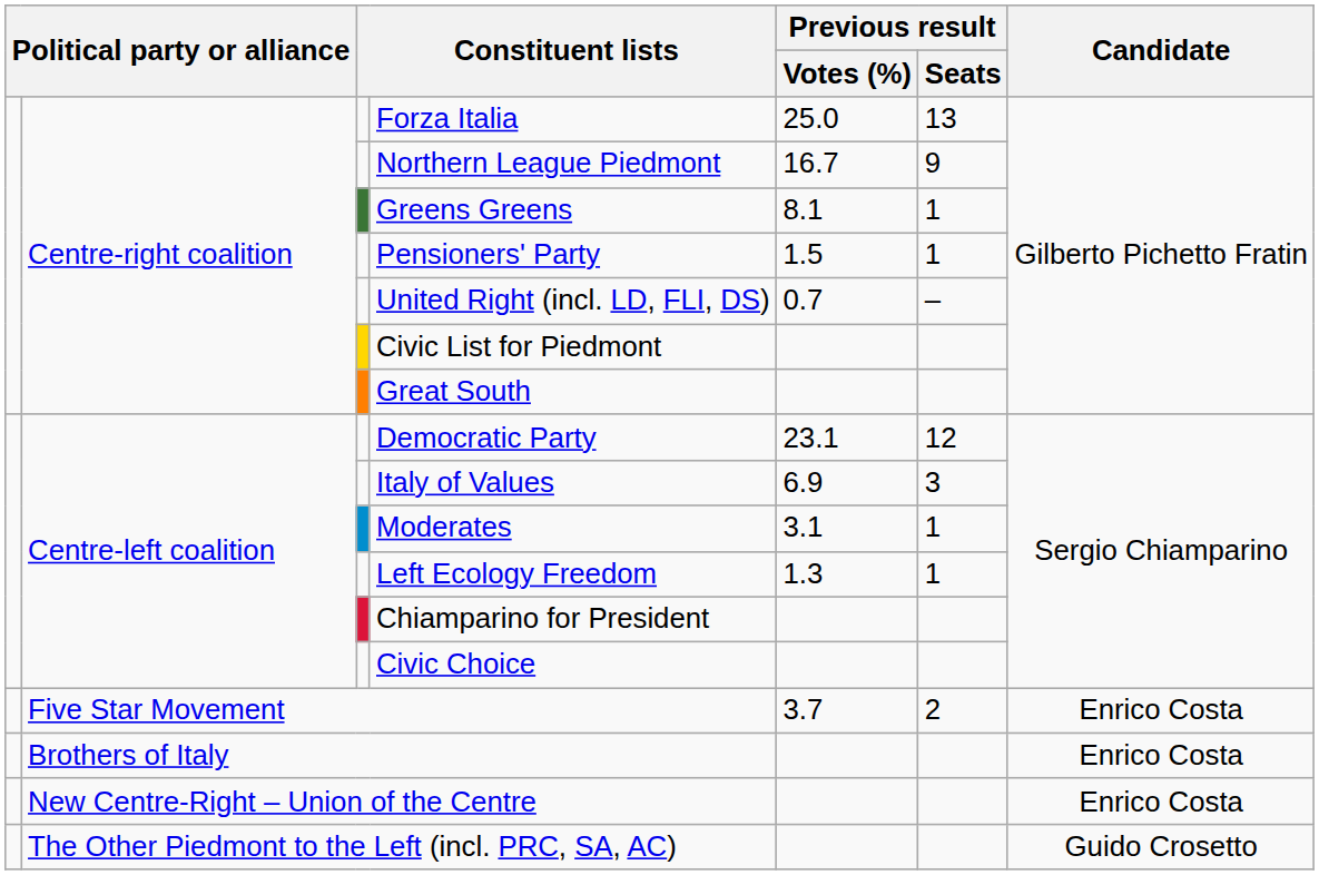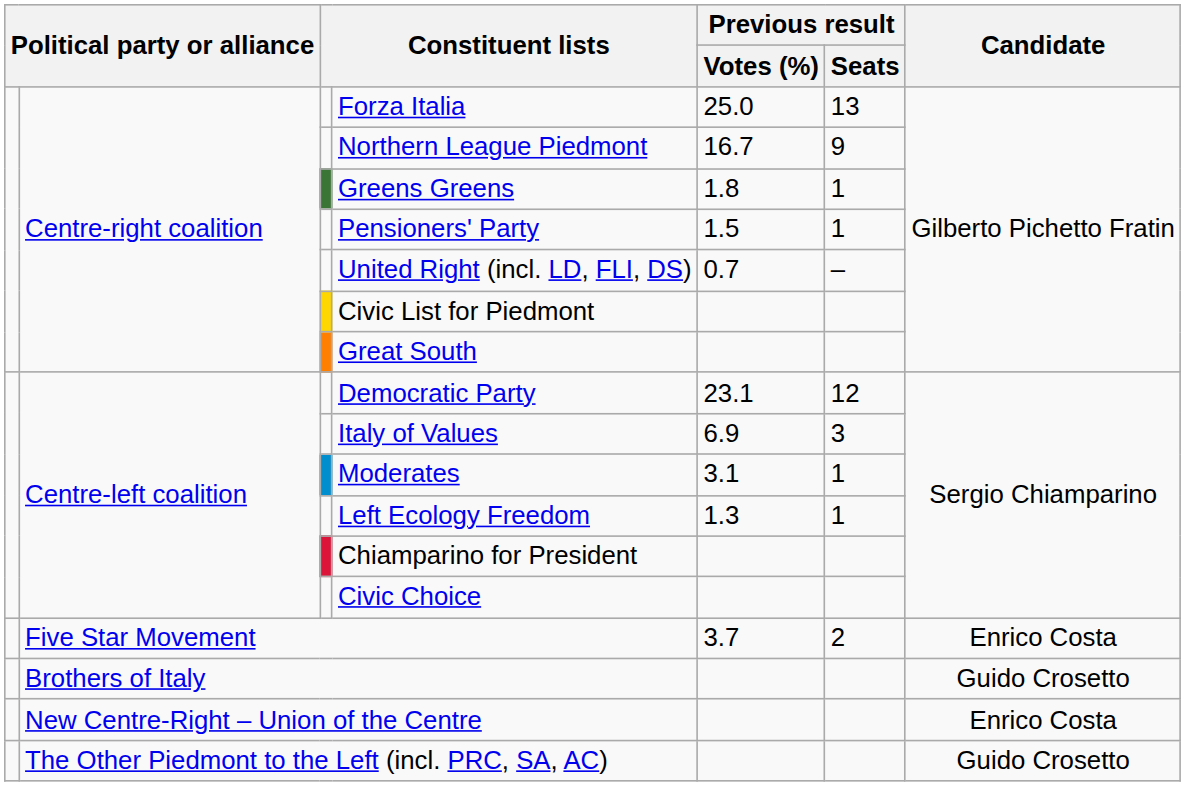 <table class="wikitable" style="text-align:left">
 <tr>
 <th colspan=2 rowspan="2">Political party or alliance</th>
 <th colspan=2 rowspan="2">Constituent lists</th>
 <th colspan="2">Previous result</th>
 <th rowspan="2">Candidate</th>
 </tr>
 <tr>
 <th>Votes (%)</th>
 <th>Seats</th>
 </tr>
 <tr>
 <td rowspan="7" style="background:"></td>
 <td rowspan=7><a href='#'>Centre-right coalition</a></td>
 <td></td>
 <td style="text-align:left;"><a href='#'>Forza Italia</a></td>
 <td>25.0</td>
 <td>13</td>
 <td rowspan="7" style="text-align: center;">Gilberto Pichetto Fratin</td>
 </tr>
 <tr>
 <td></td>
 <td><a href='#'>Northern League Piedmont</a></td>
 <td>16.7</td>
 <td>9</td>
 </tr>
 <tr>
 <td bgcolor="#3A7535"></td>
 <td><a href='#'>Greens Greens</a></td>
-<td>8.1</td>
+<td>1.8</td>
 <td>1</td>
 </tr>
 <tr>
 <td></td>
 <td><a href='#'>Pensioners' Party</a></td>
 <td>1.5</td>
 <td>1</td>
 </tr>
 <tr>
 <td></td>
 <td style="text-align:left;"><a href='#'>United Right</a> (incl. <a href='#'>LD</a>, <a href='#'>FLI</a>, <a href='#'>DS</a>)</td>
 <td>0.7</td>
 <td>–</td>
 </tr>
 <tr>
 <td bgcolor="gold"></td>
 <td>Civic List for Piedmont</td>
 <td></td>
 <td></td>
 </tr>
 <tr>
 <td bgcolor="#FF7F00"></td>
 <td style="text-align:left;"><a href='#'>Great South</a></td>
 <td></td>
 <td></td>
 </tr>
 <tr>
 <td rowspan="6"></td>
 <td rowspan="6"><a href='#'>Centre-left coalition</a></td>
 <td></td>
 <td style="text-align:left;"><a href='#'>Democratic Party</a></td>
 <td>23.1</td>
 <td>12</td>
 <td rowspan="6" style="text-align: center;">Sergio Chiamparino</td>
 </tr>
 <tr>
 <td></td>
 <td><a href='#'>Italy of Values</a></td>
 <td>6.9</td>
 <td>3</td>
 </tr>
 <tr>
 <td bgcolor="#008ECE"></td>
 <td><a href='#'>Moderates</a></td>
 <td>3.1</td>
 <td>1</td>
 </tr>
 <tr>
 <td></td>
 <td><a href='#'>Left Ecology Freedom</a></td>
 <td>1.3</td>
 <td>1</td>
 </tr>
 <tr>
 <td bgcolor="#DC143A"></td>
 <td style="text-align:left;">Chiamparino for President</td>
 <td></td>
 <td></td>
 </tr>
 <tr>
 <td></td>
 <td><a href='#'>Civic Choice</a></td>
 <td></td>
 <td></td>
 </tr>
 <tr>
 <td></td>
 <td colspan="3"><a href='#'>Five Star Movement</a></td>
 <td>3.7</td>
 <td>2</td>
 <td style="text-align: center;">Enrico Costa</td>
 </tr>
 <tr>
 <td></td>
 <td colspan="3"><a href='#'>Brothers of Italy</a></td>
 <td></td>
 <td></td>
-<td style="text-align: center;">Enrico Costa</td>
+<td style="text-align: center;">Guido Crosetto</td>
 </tr>
 <tr>
 <td></td>
 <td colspan="3"><a href='#'>New Centre-Right – Union of the Centre</a></td>
 <td></td>
 <td></td>
 <td style="text-align: center;">Enrico Costa</td>
 </tr>
 <tr>
 <td></td>
 <td colspan="3"><a href='#'>The Other Piedmont to the Left</a> (incl. <a href='#'>PRC</a>, <a href='#'>SA</a>, <a href='#'>AC</a>)</td>
 <td></td>
 <td></td>
 <td style="text-align: center;">Guido Crosetto</td>
 </tr>
 </table>
